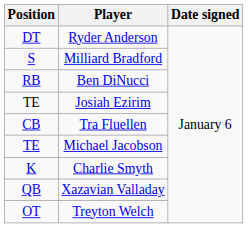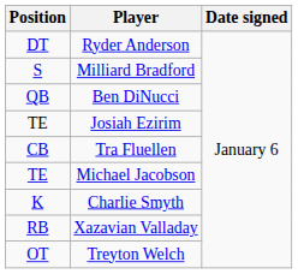 <table class="wikitable" style="text-align:center">
 <tr>
 <th>Position</th>
 <th>Player</th>
 <th>Date signed</th>
 </tr>
 <tr>
 <td><a href='#'>DT</a></td>
 <td><a href='#'>Ryder Anderson</a></td>
 <td rowspan="9">January 6</td>
 </tr>
 <tr>
 <td><a href='#'>S</a></td>
 <td><a href='#'>Milliard Bradford</a></td>
 </tr>
 <tr>
-<td><a href='#'>RB</a></td>
+<td><a href='#'>QB</a></td>
 <td><a href='#'>Ben DiNucci</a></td>
 </tr>
 <tr>
 <td>TE</td>
 <td><a href='#'>Josiah Ezirim</a></td>
 </tr>
 <tr>
 <td><a href='#'>CB</a></td>
 <td><a href='#'>Tra Fluellen</a></td>
 </tr>
 <tr>
 <td><a href='#'>TE</a></td>
 <td><a href='#'>Michael Jacobson</a></td>
 </tr>
 <tr>
 <td><a href='#'>K</a></td>
 <td><a href='#'>Charlie Smyth</a></td>
 </tr>
 <tr>
-<td><a href='#'>QB</a></td>
+<td><a href='#'>RB</a></td>
 <td><a href='#'>Xazavian Valladay</a></td>
 </tr>
 <tr>
 <td><a href='#'>OT</a></td>
 <td><a href='#'>Treyton Welch</a></td>
 </tr>
 </table>
